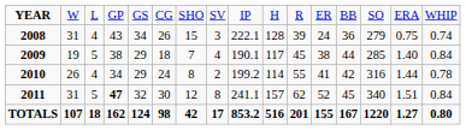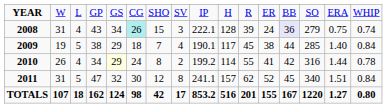 <table class="wikitable">
 <tr align=center>
 <td><strong>YEAR</strong></td>
 <td><a href='#'>W</a></td>
 <td><a href='#'>L</a></td>
 <td><a href='#'>GP</a></td>
 <td><a href='#'>GS</a></td>
 <td><a href='#'>CG</a></td>
 <td><a href='#'>SHO</a></td>
 <td><a href='#'>SV</a></td>
 <td><a href='#'>IP</a></td>
 <td><a href='#'>H</a></td>
 <td><a href='#'>R</a></td>
 <td><a href='#'>ER</a></td>
 <td><a href='#'>BB</a></td>
 <td><a href='#'>SO</a></td>
 <td><a href='#'>ERA</a></td>
 <td><a href='#'>WHIP</a></td>
 </tr>
 <tr align=center>
 <td><strong>2008</strong></td>
 <td>31</td>
 <td>4</td>
 <td>43</td>
 <td>34</td>
-<td>26</td>
+<td style="background: paleturquoise;">26</td>
 <td>15</td>
 <td>3</td>
 <td>222.1</td>
 <td>128</td>
 <td>39</td>
 <td>24</td>
-<td>36</td>
+<td style="background: lavender;">36</td>
 <td>279</td>
 <td>0.75</td>
 <td>0.74</td>
 </tr>
 <tr align=center>
 <td><strong>2009</strong></td>
 <td>19</td>
 <td>5</td>
 <td>38</td>
 <td>29</td>
 <td>18</td>
 <td>7</td>
 <td>4</td>
 <td>190.1</td>
 <td>117</td>
 <td>45</td>
 <td>38</td>
 <td>44</td>
 <td>285</td>
 <td>1.40</td>
 <td>0.84</td>
 </tr>
 <tr align=center>
 <td><strong>2010</strong></td>
 <td>26</td>
 <td>4</td>
 <td>34</td>
-<td>29</td>
+<td style="background: lightyellow;">29</td>
 <td>24</td>
 <td>8</td>
 <td>2</td>
 <td>199.2</td>
 <td>114</td>
 <td>55</td>
 <td>41</td>
 <td>42</td>
 <td>316</td>
 <td>1.44</td>
 <td>0.78</td>
 </tr>
 <tr align=center>
 <td><strong>2011</strong></td>
 <td>31</td>
 <td>5</td>
-<td><strong>47</strong></td>
+<td>47</td>
 <td>32</td>
 <td>30</td>
 <td>12</td>
 <td>8</td>
 <td>241.1</td>
 <td>157</td>
 <td>62</td>
 <td>52</td>
 <td>45</td>
 <td>340</td>
 <td>1.51</td>
 <td>0.84</td>
 </tr>
 <tr align=center>
 <td><strong>TOTALS</strong></td>
 <td><strong>107</strong></td>
 <td><strong>18</strong></td>
 <td><strong>162</strong></td>
 <td><strong>124</strong></td>
 <td><strong>98</strong></td>
 <td><strong>42</strong></td>
 <td><strong>17</strong></td>
 <td><strong>853.2</strong></td>
 <td><strong>516</strong></td>
 <td><strong>201</strong></td>
 <td><strong>155</strong></td>
 <td><strong>167</strong></td>
 <td><strong>1220</strong></td>
 <td><strong>1.27</strong></td>
 <td><strong>0.80</strong></td>
 </tr>
 </table>
